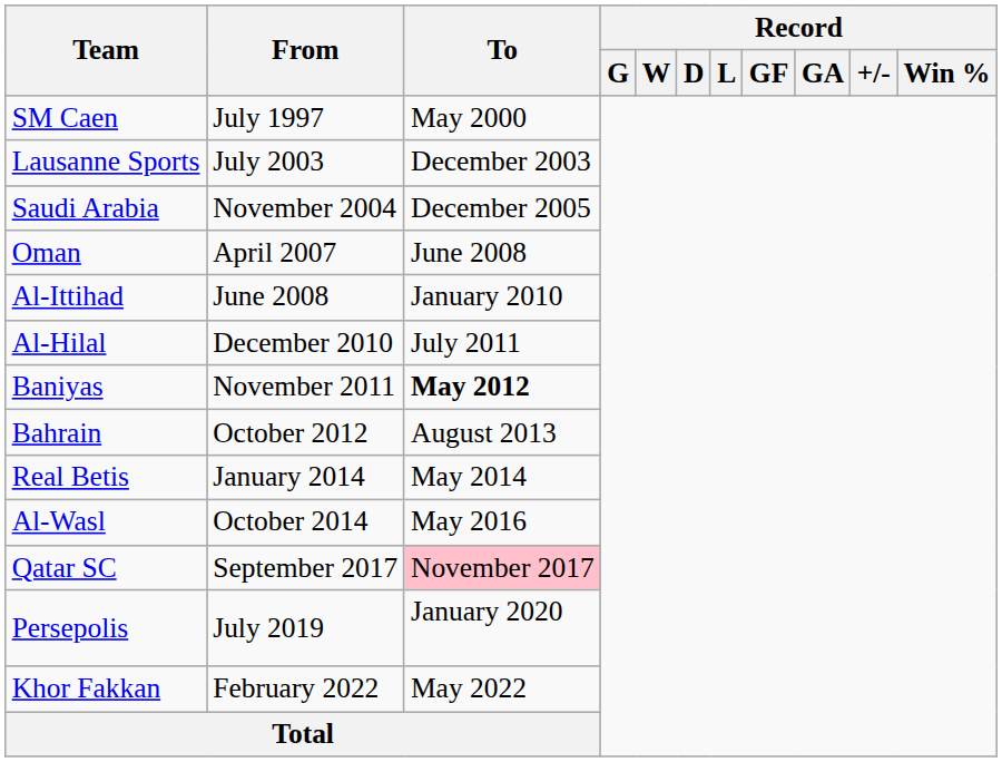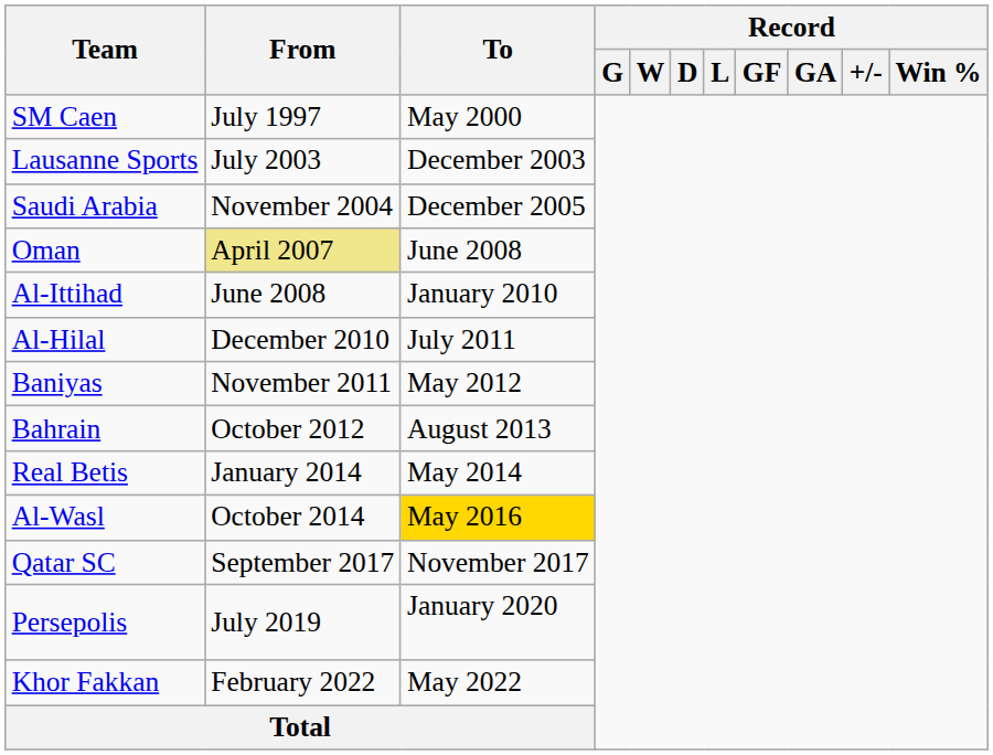 <table class="wikitable" style="text-align: center">
 <tr>
 <th rowspan=2>Team</th>
 <th rowspan=2>From</th>
 <th rowspan=2>To</th>
 <th colspan=8>Record</th>
 </tr>
 <tr>
 <th>G</th>
 <th>W</th>
 <th>D</th>
 <th>L</th>
 <th>GF</th>
 <th>GA</th>
 <th>+/-</th>
 <th>Win %</th>
 </tr>
 <tr>
 <td align="left"><a href='#'>SM Caen</a></td>
 <td align="left">July 1997</td>
 <td align="left">May 2000<br></td>
 </tr>
 <tr>
 <td align="left"><a href='#'>Lausanne Sports</a></td>
 <td align="left">July 2003</td>
 <td align="left">December 2003<br></td>
 </tr>
 <tr>
 <td align="left"><a href='#'>Saudi Arabia</a></td>
 <td align="left">November 2004</td>
 <td align="left">December 2005<br></td>
 </tr>
 <tr>
 <td align="left"><a href='#'>Oman</a></td>
-<td align="left">April 2007</td>
+<td align="left" style="background: khaki;">April 2007</td>
 <td align="left">June 2008<br></td>
 </tr>
 <tr>
 <td align="left"><a href='#'>Al-Ittihad</a></td>
 <td align="left">June 2008</td>
 <td align="left">January 2010<br></td>
 </tr>
 <tr>
 <td align="left"><a href='#'>Al-Hilal</a></td>
 <td align="left">December 2010</td>
 <td align="left">July 2011<br></td>
 </tr>
 <tr>
 <td align="left"><a href='#'>Baniyas</a></td>
 <td align="left">November 2011</td>
-<td align="left"><strong>May 2012<br></strong></td>
+<td align="left">May 2012<br></td>
 </tr>
 <tr>
 <td align="left"><a href='#'>Bahrain</a></td>
 <td align="left">October 2012</td>
 <td align="left">August 2013<br></td>
 </tr>
 <tr>
 <td align="left"><a href='#'>Real Betis</a></td>
 <td align="left">January 2014</td>
 <td align="left">May 2014<br></td>
 </tr>
 <tr>
 <td align="left"><a href='#'>Al-Wasl</a></td>
 <td align="left">October 2014</td>
-<td align="left">May 2016<br></td>
+<td align="left" style="background: gold;">May 2016<br></td>
 </tr>
 <tr>
 <td align="left"><a href='#'>Qatar SC</a></td>
 <td align="left">September 2017</td>
-<td align="left" style="background: pink;">November 2017<br></td>
+<td align="left">November 2017<br></td>
 </tr>
 <tr>
 <td align="left"><a href='#'>Persepolis</a></td>
 <td align="left">July 2019</td>
 <td align="left">January 2020<br><br></td>
 </tr>
 <tr>
 <td align="left"><a href='#'>Khor Fakkan</a></td>
 <td align="left">February 2022</td>
 <td align="left">May 2022<br></td>
 </tr>
 <tr>
 <th colspan=3><strong>Total</strong><br></th>
 </tr>
 </table>
